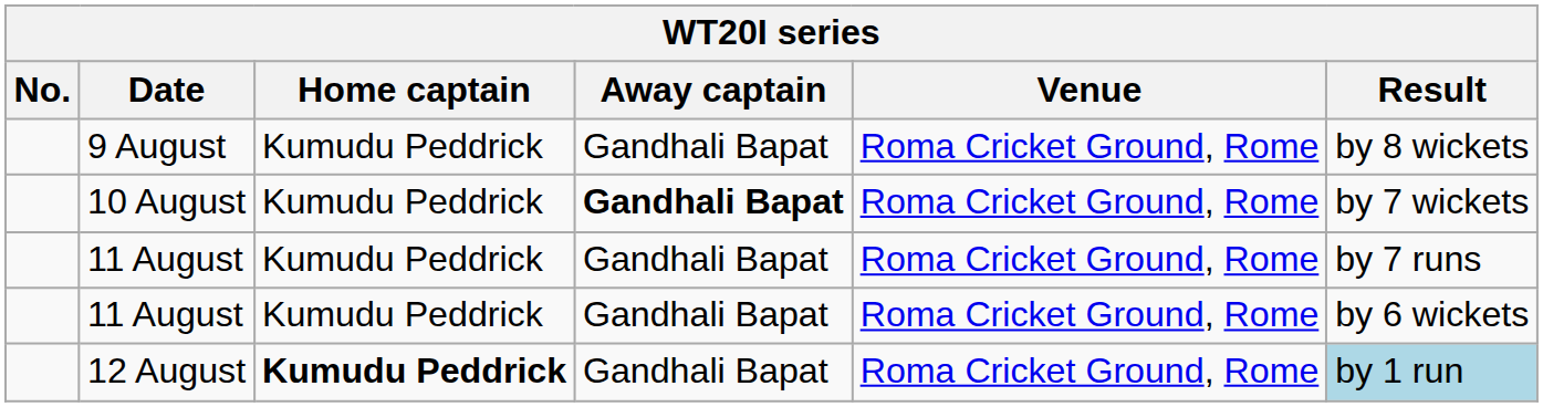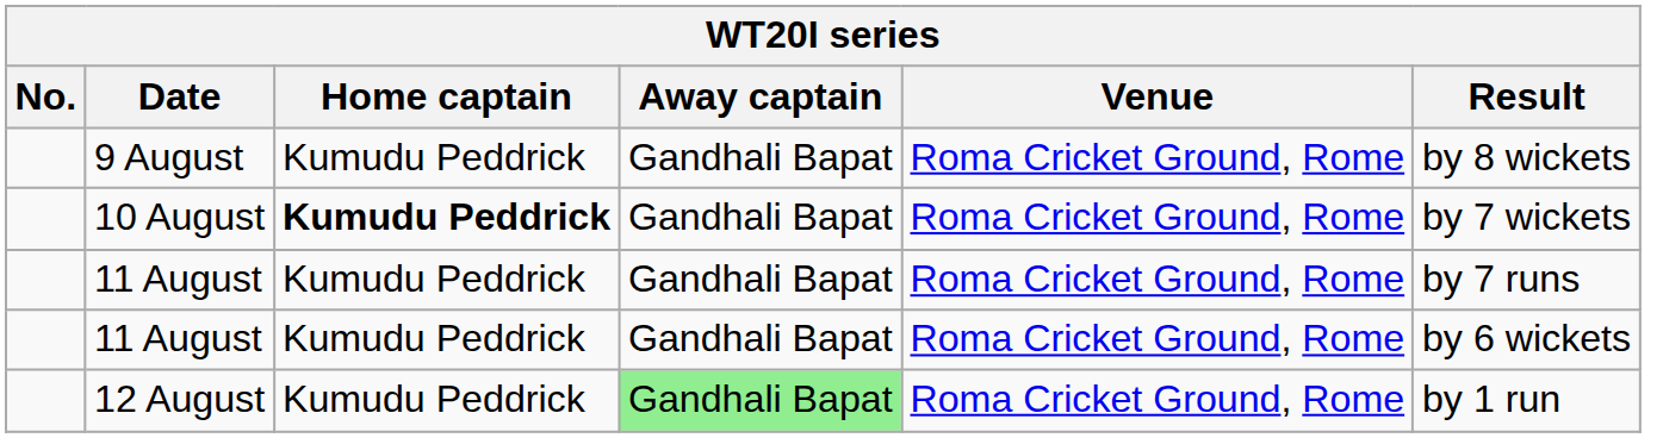 <table class="wikitable">
 <tr>
 <th colspan="9">WT20I series</th>
 </tr>
 <tr>
 <th>No.</th>
 <th>Date</th>
 <th>Home captain</th>
 <th>Away captain</th>
 <th>Venue</th>
 <th>Result</th>
 </tr>
 <tr>
 <td></td>
 <td>9 August</td>
 <td>Kumudu Peddrick</td>
 <td>Gandhali Bapat</td>
 <td><a href='#'>Roma Cricket Ground</a>, <a href='#'>Rome</a></td>
 <td> by 8 wickets</td>
 </tr>
 <tr>
 <td></td>
 <td>10 August</td>
-<td>Kumudu Peddrick</td>
-<td><strong>Gandhali Bapat</strong></td>
+<td><strong>Kumudu Peddrick</strong></td>
+<td>Gandhali Bapat</td>
 <td><a href='#'>Roma Cricket Ground</a>, <a href='#'>Rome</a></td>
 <td> by 7 wickets</td>
 </tr>
 <tr>
 <td></td>
 <td>11 August</td>
 <td>Kumudu Peddrick</td>
 <td>Gandhali Bapat</td>
 <td><a href='#'>Roma Cricket Ground</a>, <a href='#'>Rome</a></td>
 <td> by 7 runs</td>
 </tr>
 <tr>
 <td></td>
 <td>11 August</td>
 <td>Kumudu Peddrick</td>
 <td>Gandhali Bapat</td>
 <td><a href='#'>Roma Cricket Ground</a>, <a href='#'>Rome</a></td>
 <td> by 6 wickets</td>
 </tr>
 <tr>
 <td></td>
 <td>12 August</td>
-<td><strong>Kumudu Peddrick</strong></td>
-<td>Gandhali Bapat</td>
+<td>Kumudu Peddrick</td>
+<td style="background: lightgreen;">Gandhali Bapat</td>
 <td><a href='#'>Roma Cricket Ground</a>, <a href='#'>Rome</a></td>
-<td style="background: lightblue;"> by 1 run</td>
+<td> by 1 run</td>
 </tr>
 </table>
